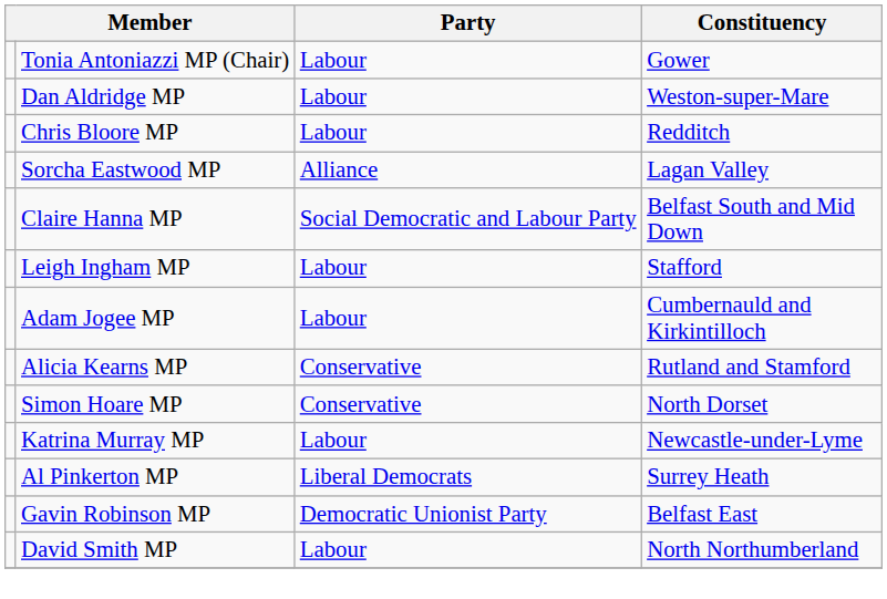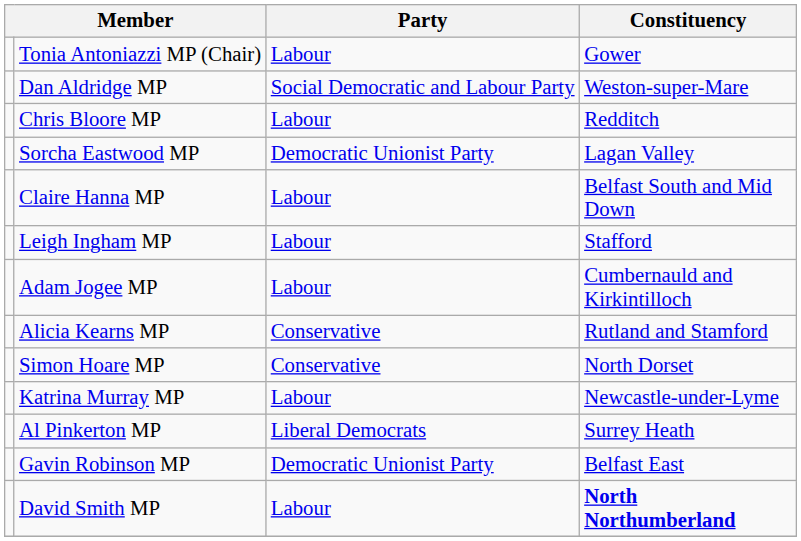 <table class="wikitable">
 <tr>
 <th width="160px" colspan="2" valign="top">Member</th>
 <th valign="top">Party</th>
 <th width="160px" valign="top">Constituency</th>
 </tr>
 <tr>
 <td style="color:inherit;background:"></td>
 <td><a href='#'>Tonia Antoniazzi</a> MP (Chair)</td>
 <td><a href='#'>Labour</a></td>
 <td><a href='#'>Gower</a></td>
 </tr>
 <tr>
 <td style="color:inherit;background:"></td>
 <td><a href='#'>Dan Aldridge</a> MP</td>
-<td><a href='#'>Labour</a></td>
+<td><a href='#'>Social Democratic and Labour Party</a></td>
 <td><a href='#'>Weston-super-Mare</a></td>
 </tr>
 <tr>
 <td style="color:inherit;background:"></td>
 <td><a href='#'>Chris Bloore</a> MP</td>
 <td><a href='#'>Labour</a></td>
 <td><a href='#'>Redditch</a></td>
 </tr>
 <tr>
 <td style="color:inherit;background:"></td>
 <td><a href='#'>Sorcha Eastwood</a> MP</td>
-<td><a href='#'>Alliance</a></td>
+<td><a href='#'>Democratic Unionist Party</a></td>
 <td><a href='#'>Lagan Valley</a></td>
 </tr>
 <tr>
 <td style="color:inherit;background:"></td>
 <td><a href='#'>Claire Hanna</a> MP</td>
-<td><a href='#'>Social Democratic and Labour Party</a></td>
+<td><a href='#'>Labour</a></td>
 <td><a href='#'>Belfast South and Mid Down</a></td>
 </tr>
 <tr>
 <td style="color:inherit;background:"></td>
 <td><a href='#'>Leigh Ingham</a> MP</td>
 <td><a href='#'>Labour</a></td>
 <td><a href='#'>Stafford</a></td>
 </tr>
 <tr>
 <td style="color:inherit;background:"></td>
 <td><a href='#'>Adam Jogee</a> MP</td>
 <td><a href='#'>Labour</a></td>
 <td><a href='#'>Cumbernauld and Kirkintilloch</a></td>
 </tr>
 <tr>
 <td style="color:inherit;background:"></td>
 <td><a href='#'>Alicia Kearns</a> MP</td>
 <td><a href='#'>Conservative</a></td>
 <td><a href='#'>Rutland and Stamford</a></td>
 </tr>
 <tr>
 <td style="color:inherit;background:"></td>
 <td><a href='#'>Simon Hoare</a> MP</td>
 <td><a href='#'>Conservative</a></td>
 <td><a href='#'>North Dorset</a></td>
 </tr>
 <tr>
 <td style="color:inherit;background:"></td>
 <td><a href='#'>Katrina Murray</a> MP</td>
 <td><a href='#'>Labour</a></td>
 <td><a href='#'>Newcastle-under-Lyme</a></td>
 </tr>
 <tr>
 <td style="color:inherit;background:"></td>
 <td><a href='#'>Al Pinkerton</a> MP</td>
 <td><a href='#'>Liberal Democrats</a></td>
 <td><a href='#'>Surrey Heath</a></td>
 </tr>
 <tr>
 <td style="color:inherit;background:"></td>
 <td><a href='#'>Gavin Robinson</a> MP</td>
 <td><a href='#'>Democratic Unionist Party</a></td>
 <td><a href='#'>Belfast East</a></td>
 </tr>
 <tr>
 <td style="color:inherit;background:"></td>
 <td><a href='#'>David Smith</a> MP</td>
 <td><a href='#'>Labour</a></td>
-<td><a href='#'>North Northumberland</a></td>
+<td><strong><a href='#'>North Northumberland</a></strong></td>
 </tr>
 <tr>
 </tr>
 </table>
